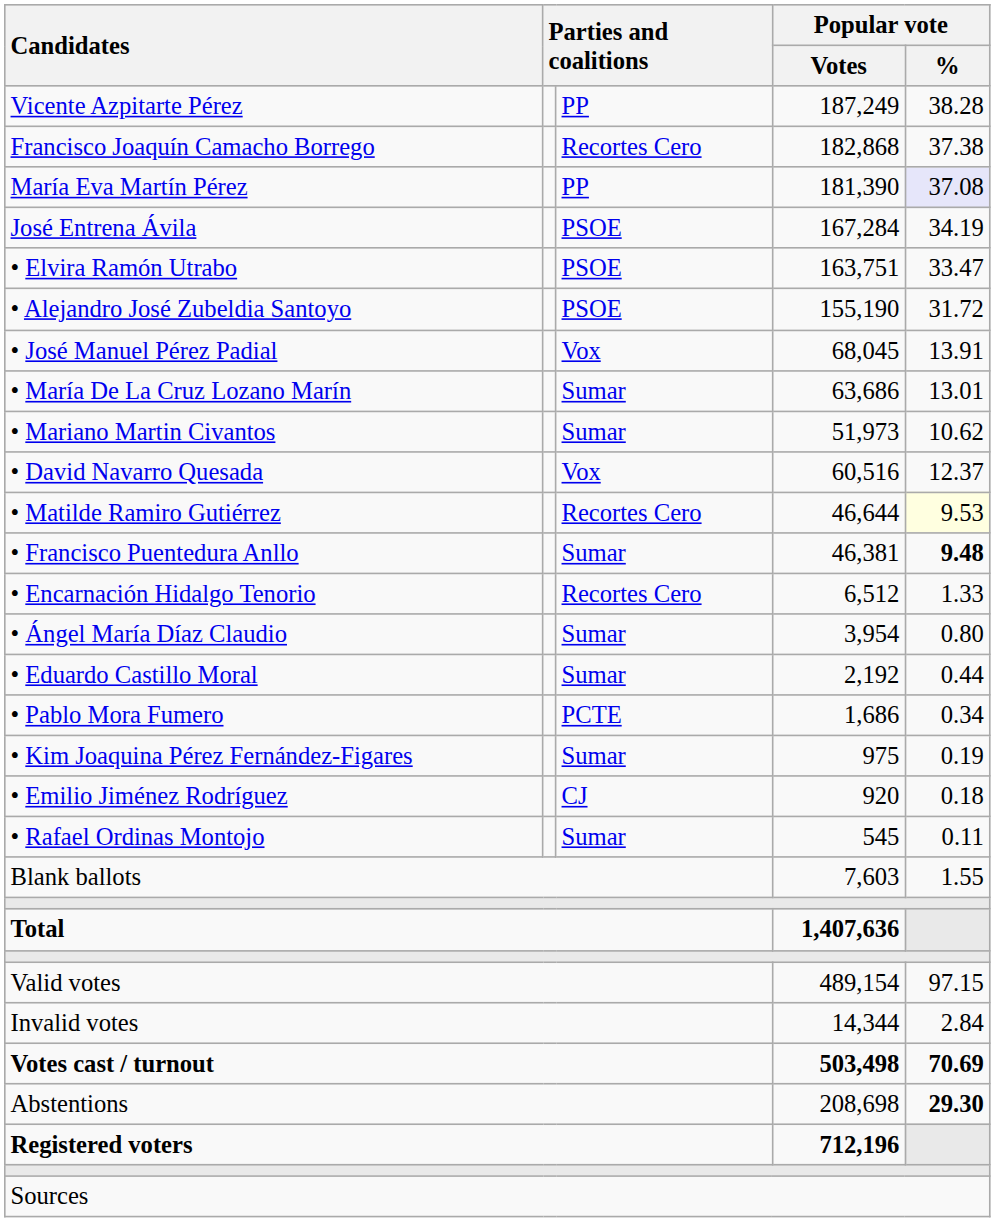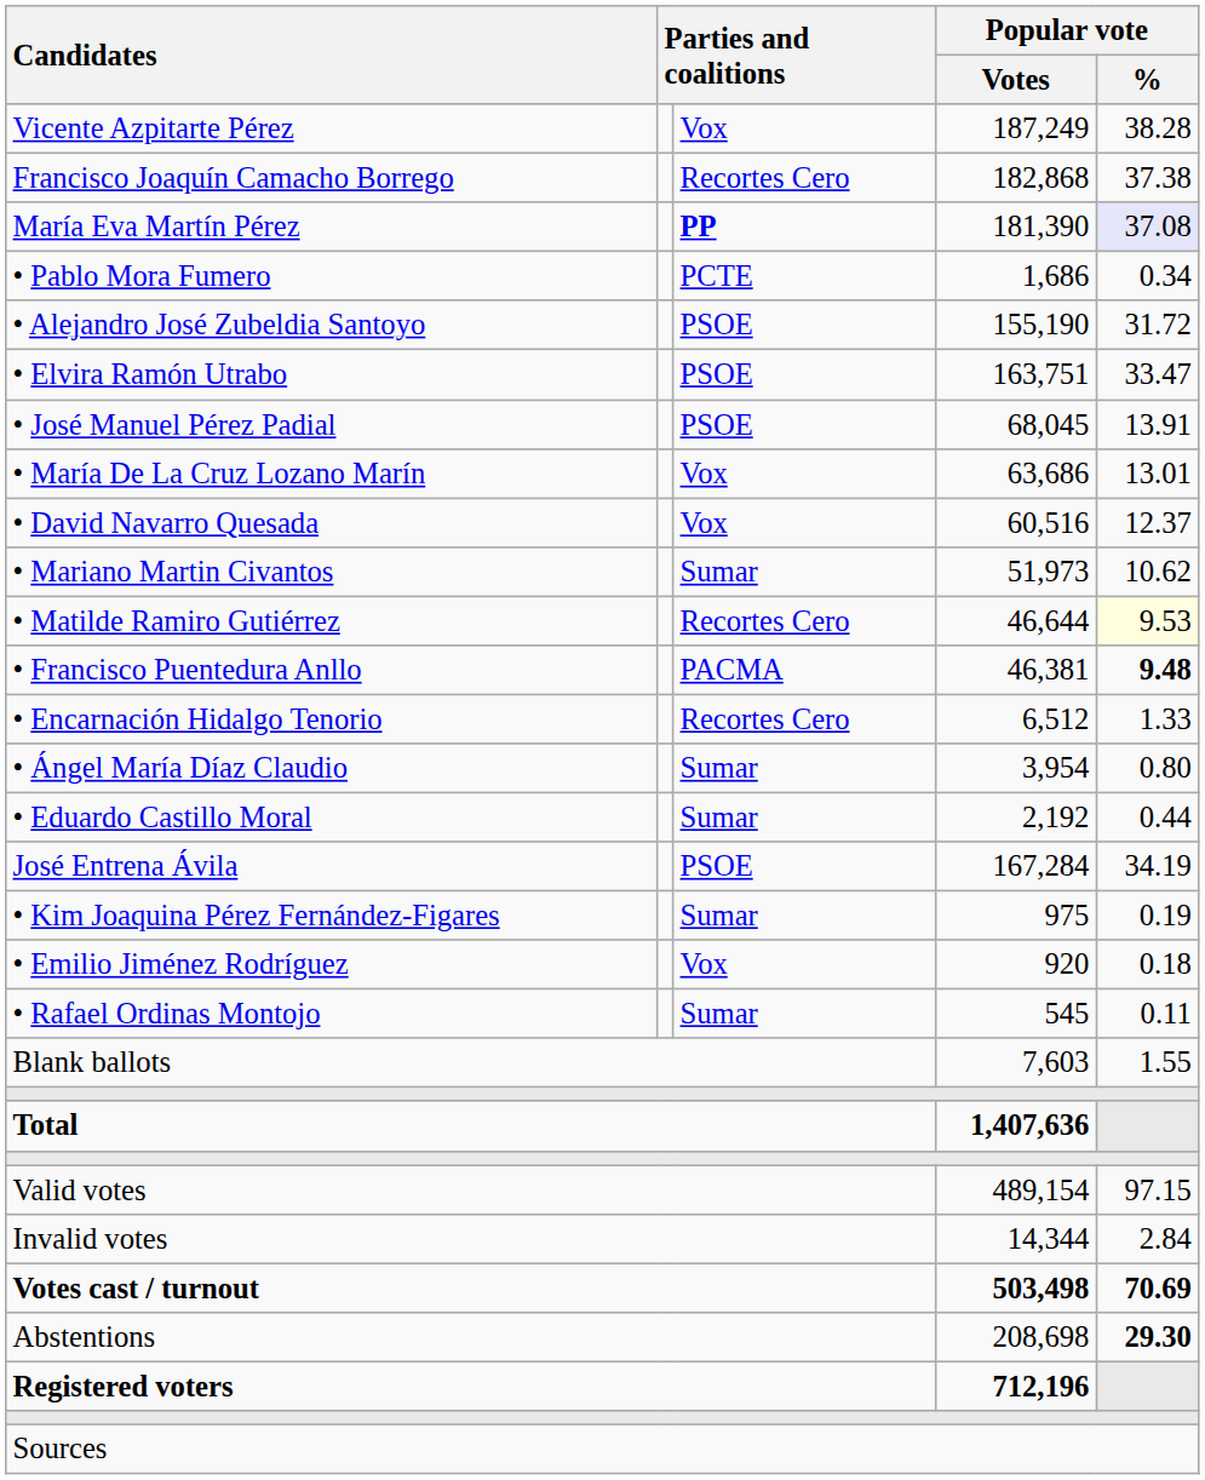 <table class="wikitable" style="text-align:right; font-size:95%;">
 <tr>
 <th style="text-align:left;" rowspan="2" width="325">Candidates</th>
 <th style="text-align:left;" rowspan="2" colspan="2" width="175">Parties and coalitions</th>
 <th colspan="2">Popular vote</th>
 </tr>
 <tr>
 <th width="75">Votes</th>
 <th width="45">%</th>
 </tr>
 <tr>
 <td align="left"> <a href='#'>Vicente Azpitarte Pérez</a></td>
 <td width="1" style="color:inherit;background:"></td>
-<td align="left"><a href='#'>PP</a></td>
+<td align="left"><a href='#'>Vox</a></td>
 <td>187,249</td>
 <td>38.28</td>
 </tr>
 <tr>
 <td align="left"> <a href='#'>Francisco Joaquín Camacho Borrego</a></td>
 <td width="1" style="color:inherit;background:"></td>
 <td align="left"><a href='#'>Recortes Cero</a></td>
 <td>182,868</td>
 <td>37.38</td>
 </tr>
 <tr>
 <td align="left"> <a href='#'>María Eva Martín Pérez</a></td>
 <td width="1" style="color:inherit;background:"></td>
-<td align="left"><a href='#'>PP</a></td>
+<td align="left"><strong><a href='#'>PP</a></strong></td>
 <td>181,390</td>
 <td style="background: lavender;">37.08</td>
 </tr>
 <tr>
-<td align="left"> <a href='#'>José Entrena Ávila</a></td>
+<td align="left">• <a href='#'>Pablo Mora Fumero</a></td>
+<td width="1" style="color:inherit;background:"></td>
+<td align="left"><a href='#'>PCTE</a></td>
+<td>1,686</td>
+<td>0.34</td>
+</tr>
+<tr>
+<td align="left">• <a href='#'>Alejandro José Zubeldia Santoyo</a></td>
 <td width="1" style="color:inherit;background:"></td>
 <td align="left"><a href='#'>PSOE</a></td>
-<td>167,284</td>
-<td>34.19</td>
+<td>155,190</td>
+<td>31.72</td>
 </tr>
 <tr>
 <td align="left">• <a href='#'>Elvira Ramón Utrabo</a></td>
 <td width="1" style="color:inherit;background:"></td>
 <td align="left"><a href='#'>PSOE</a></td>
 <td>163,751</td>
 <td>33.47</td>
 </tr>
 <tr>
-<td align="left">• <a href='#'>Alejandro José Zubeldia Santoyo</a></td>
+<td align="left">• <a href='#'>José Manuel Pérez Padial</a></td>
 <td width="1" style="color:inherit;background:"></td>
 <td align="left"><a href='#'>PSOE</a></td>
-<td>155,190</td>
-<td>31.72</td>
-</tr>
-<tr>
-<td align="left">• <a href='#'>José Manuel Pérez Padial</a></td>
-<td width="1" style="color:inherit;background:"></td>
-<td align="left"><a href='#'>Vox</a></td>
 <td>68,045</td>
 <td>13.91</td>
 </tr>
 <tr>
 <td align="left">• <a href='#'>María De La Cruz Lozano Marín</a></td>
 <td width="1" style="color:inherit;background:"></td>
-<td align="left"><a href='#'>Sumar</a></td>
+<td align="left"><a href='#'>Vox</a></td>
 <td>63,686</td>
 <td>13.01</td>
+</tr>
+<tr>
+<td align="left">• <a href='#'>David Navarro Quesada</a></td>
+<td width="1" style="color:inherit;background:"></td>
+<td align="left"><a href='#'>Vox</a></td>
+<td>60,516</td>
+<td>12.37</td>
 </tr>
 <tr>
 <td align="left">• <a href='#'>Mariano Martin Civantos</a></td>
 <td width="1" style="color:inherit;background:"></td>
 <td align="left"><a href='#'>Sumar</a></td>
 <td>51,973</td>
 <td>10.62</td>
-</tr>
-<tr>
-<td align="left">• <a href='#'>David Navarro Quesada</a></td>
-<td width="1" style="color:inherit;background:"></td>
-<td align="left"><a href='#'>Vox</a></td>
-<td>60,516</td>
-<td>12.37</td>
 </tr>
 <tr>
 <td align="left">• <a href='#'>Matilde Ramiro Gutiérrez</a></td>
 <td width="1" style="color:inherit;background:"></td>
 <td align="left"><a href='#'>Recortes Cero</a></td>
 <td>46,644</td>
 <td style="background: lightyellow;">9.53</td>
 </tr>
 <tr>
 <td align="left">• <a href='#'>Francisco Puentedura Anllo</a></td>
 <td width="1" style="color:inherit;background:"></td>
-<td align="left"><a href='#'>Sumar</a></td>
+<td align="left"><a href='#'>PACMA</a></td>
 <td>46,381</td>
 <td><strong>9.48</strong></td>
 </tr>
 <tr>
 <td align="left">• <a href='#'>Encarnación Hidalgo Tenorio</a></td>
 <td width="1" style="color:inherit;background:"></td>
 <td align="left"><a href='#'>Recortes Cero</a></td>
 <td>6,512</td>
 <td>1.33</td>
 </tr>
 <tr>
 <td align="left">• <a href='#'>Ángel María Díaz Claudio</a></td>
 <td width="1" style="color:inherit;background:"></td>
 <td align="left"><a href='#'>Sumar</a></td>
 <td>3,954</td>
 <td>0.80</td>
 </tr>
 <tr>
 <td align="left">• <a href='#'>Eduardo Castillo Moral</a></td>
 <td width="1" style="color:inherit;background:"></td>
 <td align="left"><a href='#'>Sumar</a></td>
 <td>2,192</td>
 <td>0.44</td>
 </tr>
 <tr>
-<td align="left">• <a href='#'>Pablo Mora Fumero</a></td>
+<td align="left"> <a href='#'>José Entrena Ávila</a></td>
 <td width="1" style="color:inherit;background:"></td>
-<td align="left"><a href='#'>PCTE</a></td>
-<td>1,686</td>
-<td>0.34</td>
+<td align="left"><a href='#'>PSOE</a></td>
+<td>167,284</td>
+<td>34.19</td>
 </tr>
 <tr>
 <td align="left">• <a href='#'>Kim Joaquina Pérez Fernández-Figares</a></td>
 <td width="1" style="color:inherit;background:"></td>
 <td align="left"><a href='#'>Sumar</a></td>
 <td>975</td>
 <td>0.19</td>
 </tr>
 <tr>
 <td align="left">• <a href='#'>Emilio Jiménez Rodríguez</a></td>
 <td width="1" style="color:inherit;background:"></td>
-<td align="left"><a href='#'>CJ</a></td>
+<td align="left"><a href='#'>Vox</a></td>
 <td>920</td>
 <td>0.18</td>
 </tr>
 <tr>
 <td align="left">• <a href='#'>Rafael Ordinas Montojo</a></td>
 <td width="1" style="color:inherit;background:"></td>
 <td align="left"><a href='#'>Sumar</a></td>
 <td>545</td>
 <td>0.11</td>
 </tr>
 <tr>
 <td align="left" colspan="3">Blank ballots</td>
 <td>7,603</td>
 <td>1.55</td>
 </tr>
 <tr>
 <td colspan="5" bgcolor="#E9E9E9"></td>
 </tr>
 <tr style="font-weight:bold;">
 <td align="left" colspan="3">Total</td>
 <td>1,407,636</td>
 <td bgcolor="#E9E9E9"></td>
 </tr>
 <tr>
 <td colspan="5" bgcolor="#E9E9E9"></td>
 </tr>
 <tr>
 <td align="left" colspan="3">Valid votes</td>
 <td>489,154</td>
 <td>97.15</td>
 </tr>
 <tr>
 <td align="left" colspan="3">Invalid votes</td>
 <td>14,344</td>
 <td>2.84</td>
 </tr>
 <tr style="font-weight:bold;">
 <td align="left" colspan="3">Votes cast / turnout</td>
 <td>503,498</td>
 <td>70.69</td>
 </tr>
 <tr>
 <td align="left" colspan="3">Abstentions</td>
 <td>208,698</td>
 <td><strong>29.30</strong></td>
 </tr>
 <tr style="font-weight:bold;">
 <td align="left" colspan="3">Registered voters</td>
 <td>712,196</td>
 <td bgcolor="#E9E9E9"></td>
 </tr>
 <tr>
 <td colspan="5" bgcolor="#E9E9E9"></td>
 </tr>
 <tr>
 <td align="left" colspan="5">Sources</td>
 </tr>
 </table>
